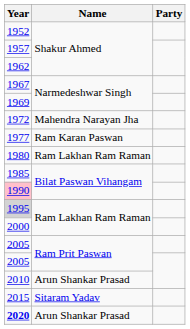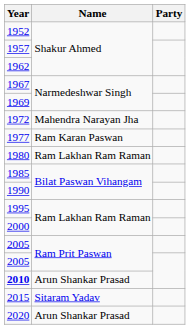 <table class="wikitable">
 <tr>
 <th>Year</th>
 <th>Name</th>
 <th colspan="2">Party</th>
 </tr>
 <tr>
 <td><a href='#'>1952</a></td>
 <td rowspan="3">Shakur Ahmed</td>
 <td></td>
 </tr>
 <tr>
 <td><a href='#'>1957</a></td>
 </tr>
 <tr>
 <td><a href='#'>1962</a></td>
 </tr>
 <tr>
 <td><a href='#'>1967</a></td>
 <td rowspan="2">Narmedeshwar Singh</td>
 <td></td>
 </tr>
 <tr>
 <td><a href='#'>1969</a></td>
 </tr>
 <tr>
 <td><a href='#'>1972</a></td>
 <td>Mahendra Narayan Jha</td>
 <td></td>
 </tr>
 <tr>
 <td><a href='#'>1977</a></td>
 <td>Ram Karan Paswan</td>
 <td></td>
 </tr>
 <tr>
 <td><a href='#'>1980</a></td>
 <td>Ram Lakhan Ram Raman</td>
 <td></td>
 </tr>
 <tr>
 <td><a href='#'>1985</a></td>
 <td rowspan="2"><a href='#'>Bilat Paswan Vihangam</a></td>
 <td></td>
 </tr>
 <tr>
-<td style="background: pink;"><a href='#'>1990</a></td>
+<td><a href='#'>1990</a></td>
 </tr>
 <tr>
-<td style="background: lightgrey;"><a href='#'>1995</a></td>
+<td><a href='#'>1995</a></td>
 <td rowspan="2">Ram Lakhan Ram Raman</td>
 <td></td>
 </tr>
 <tr>
 <td><a href='#'>2000</a></td>
 <td></td>
 </tr>
 <tr>
 <td><a href='#'>2005</a></td>
 <td rowspan="2"><a href='#'>Ram Prit Paswan</a></td>
 <td></td>
 </tr>
 <tr>
 <td><a href='#'>2005</a></td>
 </tr>
 <tr>
-<td><a href='#'>2010</a></td>
+<td><strong><a href='#'>2010</a></strong></td>
 <td>Arun Shankar Prasad</td>
 </tr>
 <tr>
 <td><a href='#'>2015</a></td>
 <td><a href='#'>Sitaram Yadav</a></td>
 <td></td>
 </tr>
 <tr>
-<td><strong><a href='#'>2020</a></strong></td>
+<td><a href='#'>2020</a></td>
 <td>Arun Shankar Prasad</td>
 <td></td>
 </tr>
 </table>
